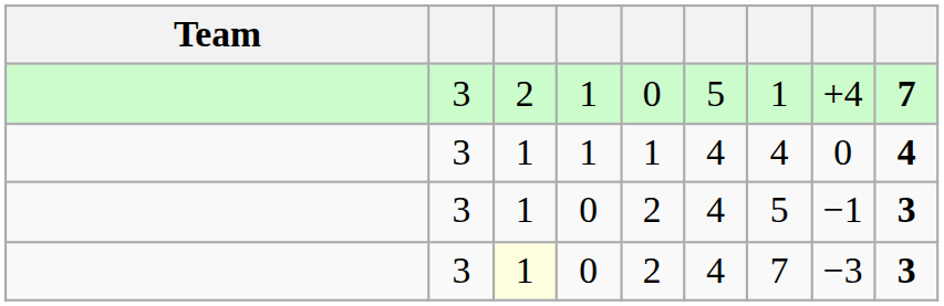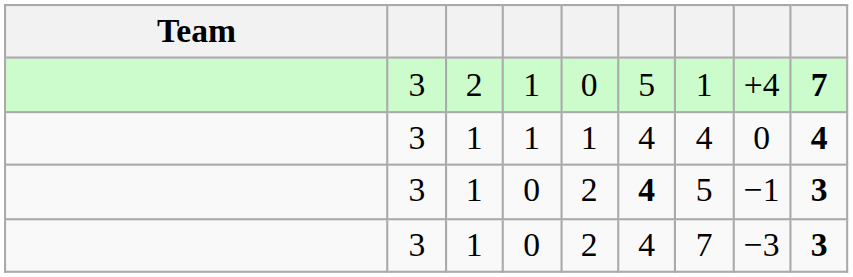 <table class="wikitable" style="text-align: center;">
 <tr>
 <th width="175">Team</th>
 <th width="20"></th>
 <th width="20"></th>
 <th width="20"></th>
 <th width="20"></th>
 <th width="20"></th>
 <th width="20"></th>
 <th width="20"></th>
 <th width="20"></th>
 </tr>
 <tr bgcolor=#ccfccc>
 <td align=left><em></em></td>
 <td>3</td>
 <td>2</td>
 <td>1</td>
 <td>0</td>
 <td>5</td>
 <td>1</td>
 <td>+4</td>
 <td><strong>7</strong></td>
 </tr>
 <tr>
 <td align=left></td>
 <td>3</td>
 <td>1</td>
 <td>1</td>
 <td>1</td>
 <td>4</td>
 <td>4</td>
 <td>0</td>
 <td><strong>4</strong></td>
 </tr>
 <tr>
 <td align=left></td>
 <td>3</td>
 <td>1</td>
 <td>0</td>
 <td>2</td>
-<td>4</td>
+<td><strong>4</strong></td>
 <td>5</td>
 <td>−1</td>
 <td><strong>3</strong></td>
 </tr>
 <tr>
 <td align=left></td>
 <td>3</td>
-<td style="background: lightyellow;">1</td>
+<td>1</td>
 <td>0</td>
 <td>2</td>
 <td>4</td>
 <td>7</td>
 <td>−3</td>
 <td><strong>3</strong></td>
 </tr>
 </table>
